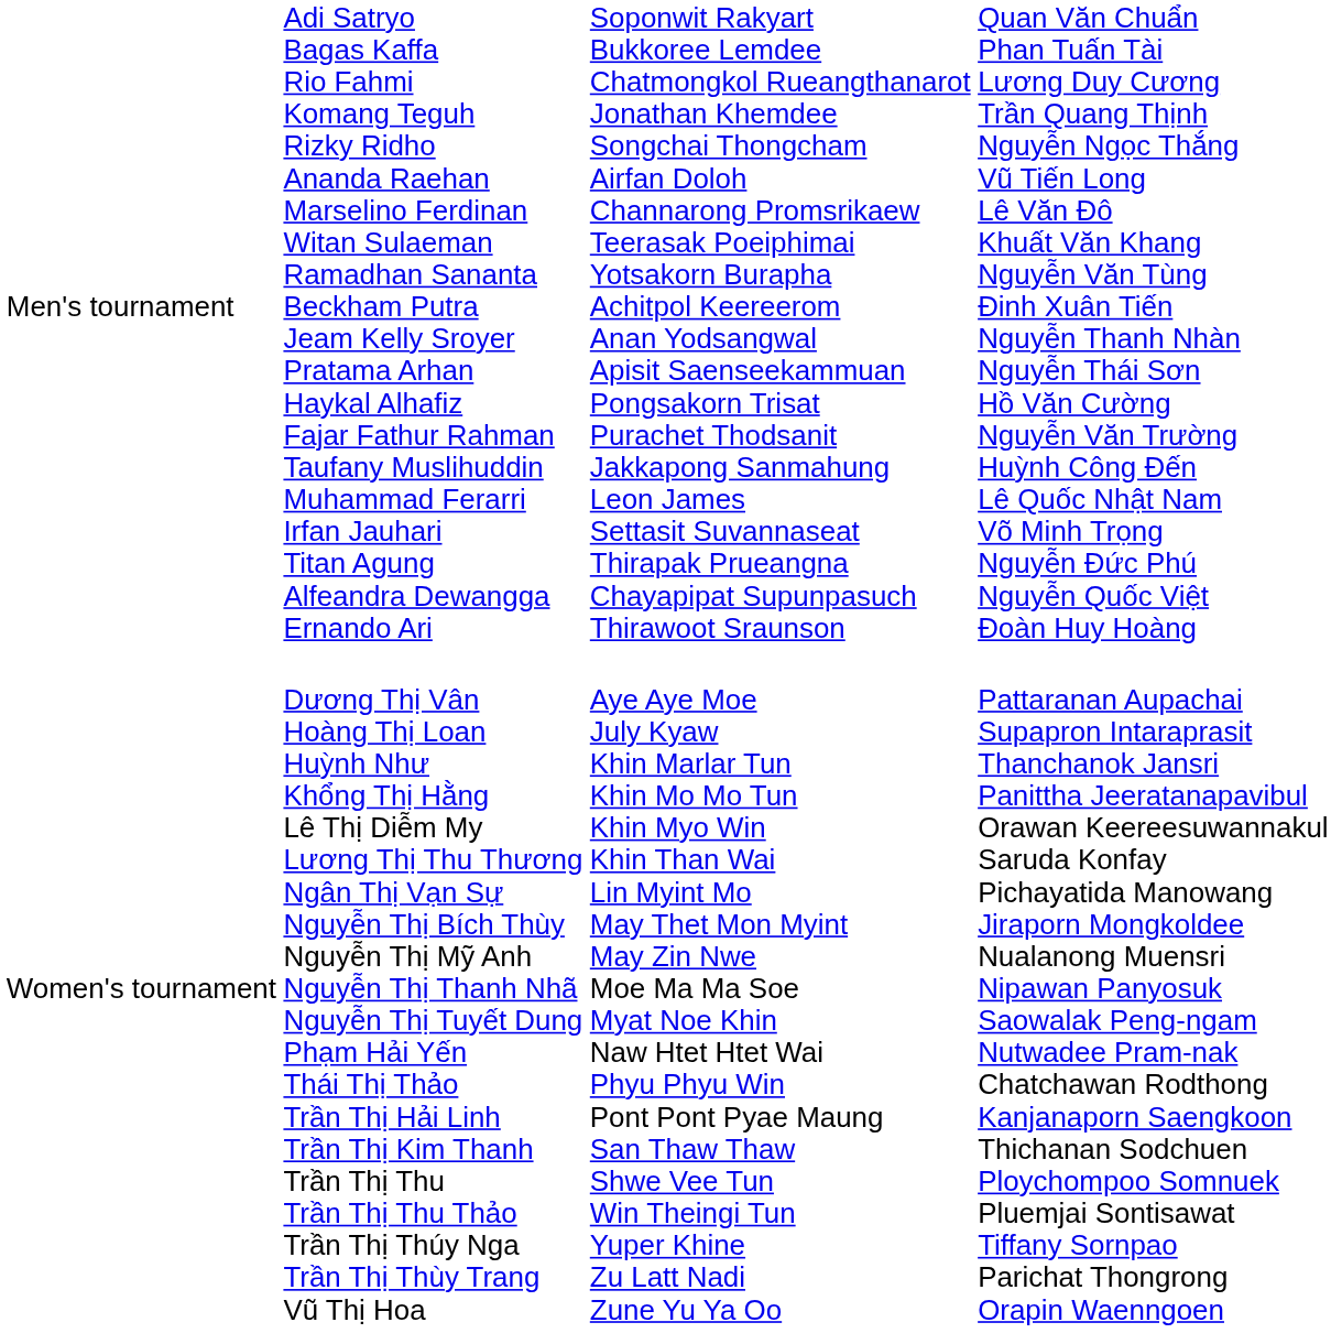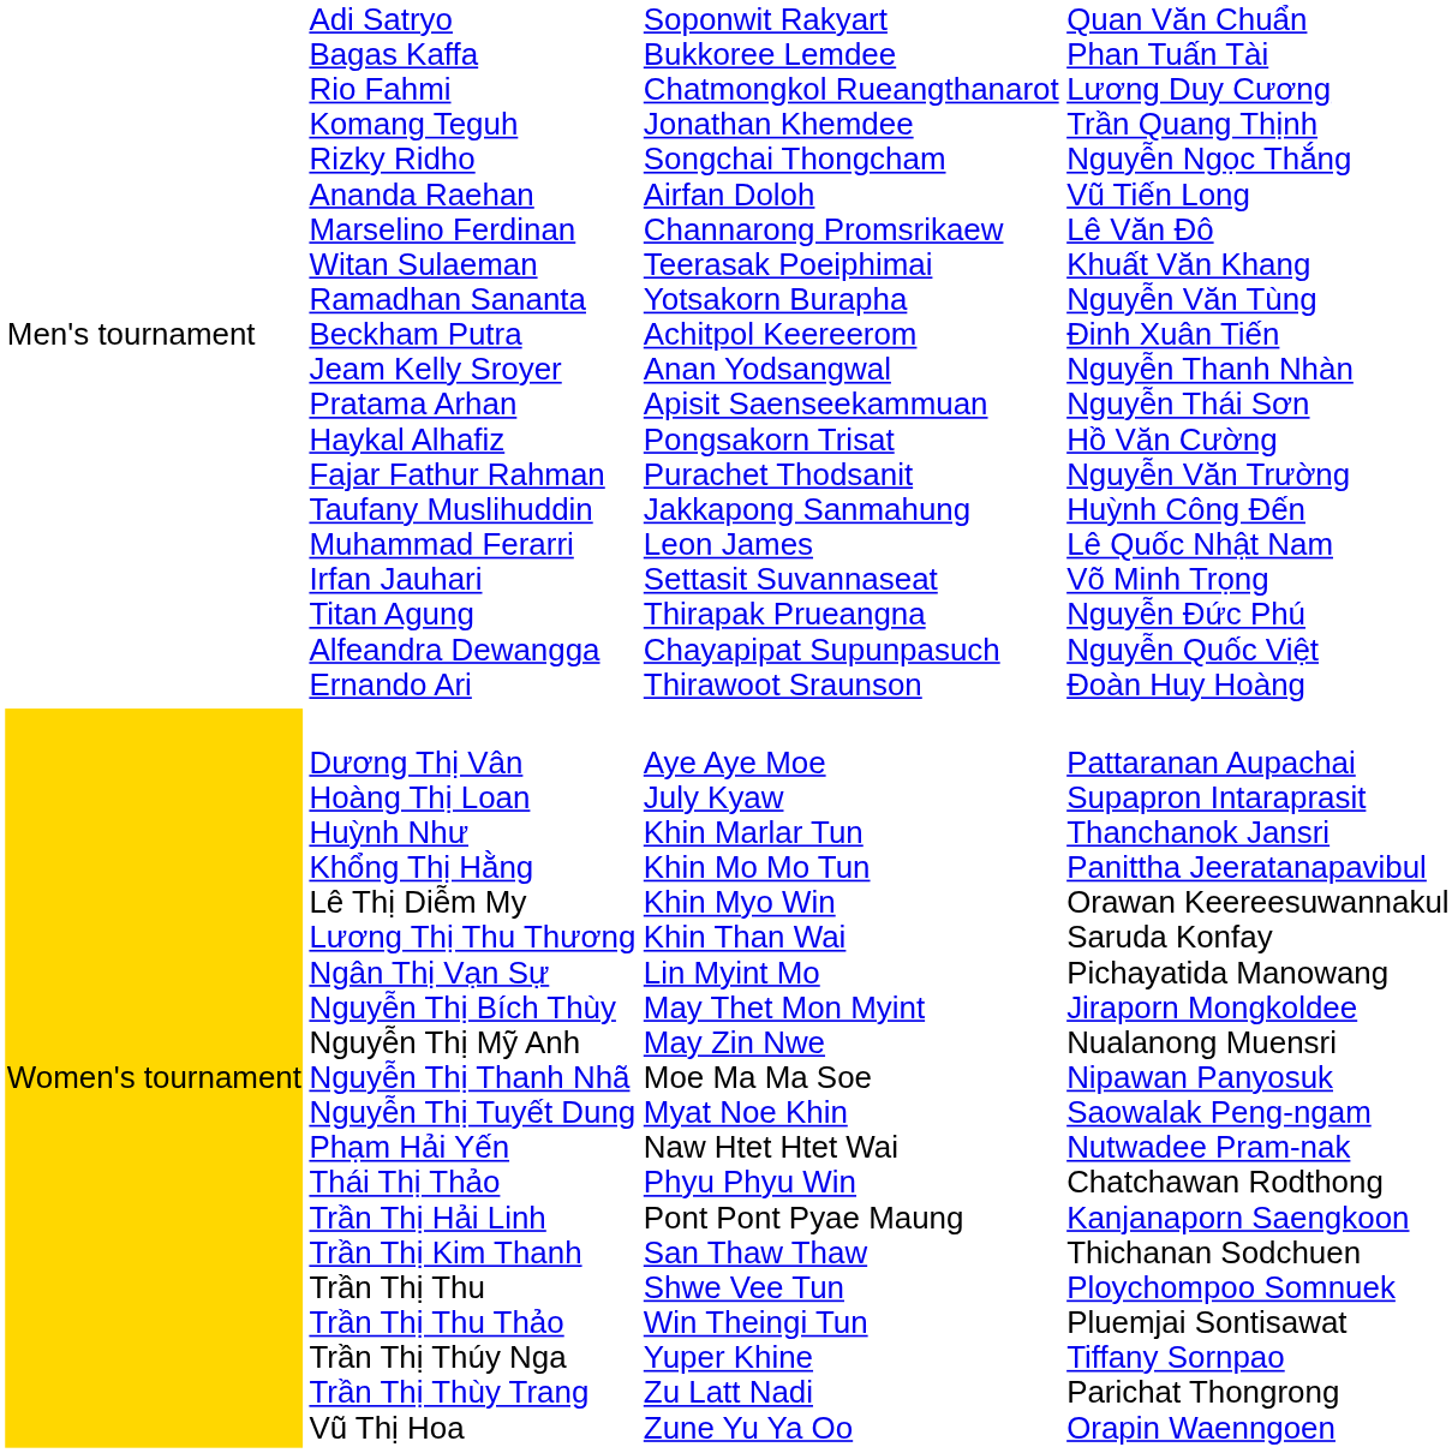 <table>
 <tr>
 <td>Men's tournament<br></td>
 <td><br><a href='#'>Adi Satryo</a><br><a href='#'>Bagas Kaffa</a><br><a href='#'>Rio Fahmi</a><br><a href='#'>Komang Teguh</a><br><a href='#'>Rizky Ridho</a><br><a href='#'>Ananda Raehan</a><br><a href='#'>Marselino Ferdinan</a><br><a href='#'>Witan Sulaeman</a><br><a href='#'>Ramadhan Sananta</a><br><a href='#'>Beckham Putra</a><br><a href='#'>Jeam Kelly Sroyer</a><br><a href='#'>Pratama Arhan</a><br><a href='#'>Haykal Alhafiz</a><br><a href='#'>Fajar Fathur Rahman</a><br><a href='#'>Taufany Muslihuddin</a><br><a href='#'>Muhammad Ferarri</a><br><a href='#'>Irfan Jauhari</a><br><a href='#'>Titan Agung</a><br><a href='#'>Alfeandra Dewangga</a><br><a href='#'>Ernando Ari</a></td>
 <td><br><a href='#'>Soponwit Rakyart</a><br><a href='#'>Bukkoree Lemdee</a><br><a href='#'>Chatmongkol Rueangthanarot</a><br><a href='#'>Jonathan Khemdee</a><br><a href='#'>Songchai Thongcham</a><br><a href='#'>Airfan Doloh</a><br><a href='#'>Channarong Promsrikaew</a><br><a href='#'>Teerasak Poeiphimai</a><br><a href='#'>Yotsakorn Burapha</a><br><a href='#'>Achitpol Keereerom</a><br><a href='#'>Anan Yodsangwal</a><br><a href='#'>Apisit Saenseekammuan</a><br><a href='#'>Pongsakorn Trisat</a><br><a href='#'>Purachet Thodsanit</a><br><a href='#'>Jakkapong Sanmahung</a><br><a href='#'>Leon James</a><br><a href='#'>Settasit Suvannaseat</a><br><a href='#'>Thirapak Prueangna</a><br><a href='#'>Chayapipat Supunpasuch</a><br><a href='#'>Thirawoot Sraunson</a></td>
 <td><br><a href='#'>Quan Văn Chuẩn</a><br><a href='#'>Phan Tuấn Tài</a><br><a href='#'>Lương Duy Cương</a><br><a href='#'>Trần Quang Thịnh</a><br><a href='#'>Nguyễn Ngọc Thắng</a><br><a href='#'>Vũ Tiến Long</a><br><a href='#'>Lê Văn Đô</a><br><a href='#'>Khuất Văn Khang</a><br><a href='#'>Nguyễn Văn Tùng</a><br><a href='#'>Đinh Xuân Tiến</a><br><a href='#'>Nguyễn Thanh Nhàn</a><br><a href='#'>Nguyễn Thái Sơn</a><br><a href='#'>Hồ Văn Cường</a><br><a href='#'>Nguyễn Văn Trường</a><br><a href='#'>Huỳnh Công Đến</a><br><a href='#'>Lê Quốc Nhật Nam</a><br><a href='#'>Võ Minh Trọng</a><br><a href='#'>Nguyễn Đức Phú</a><br><a href='#'>Nguyễn Quốc Việt</a><br><a href='#'>Đoàn Huy Hoàng</a></td>
 </tr>
 <tr>
-<td>Women's tournament<br></td>
+<td style="background: gold;">Women's tournament<br></td>
 <td><br><a href='#'>Dương Thị Vân</a><br><a href='#'>Hoàng Thị Loan</a><br><a href='#'>Huỳnh Như</a><br><a href='#'>Khổng Thị Hằng</a><br>Lê Thị Diễm My<br><a href='#'>Lương Thị Thu Thương</a><br><a href='#'>Ngân Thị Vạn Sự</a><br><a href='#'>Nguyễn Thị Bích Thùy</a><br>Nguyễn Thị Mỹ Anh<br><a href='#'>Nguyễn Thị Thanh Nhã</a><br><a href='#'>Nguyễn Thị Tuyết Dung</a><br><a href='#'>Phạm Hải Yến</a><br><a href='#'>Thái Thị Thảo</a><br><a href='#'>Trần Thị Hải Linh</a><br><a href='#'>Trần Thị Kim Thanh</a><br>Trần Thị Thu<br><a href='#'>Trần Thị Thu Thảo</a><br>Trần Thị Thúy Nga<br><a href='#'>Trần Thị Thùy Trang</a><br>Vũ Thị Hoa</td>
 <td><br><a href='#'>Aye Aye Moe</a><br><a href='#'>July Kyaw</a><br><a href='#'>Khin Marlar Tun</a><br><a href='#'>Khin Mo Mo Tun</a><br><a href='#'>Khin Myo Win</a><br><a href='#'>Khin Than Wai</a><br><a href='#'>Lin Myint Mo</a><br><a href='#'>May Thet Mon Myint</a><br><a href='#'>May Zin Nwe</a><br>Moe Ma Ma Soe<br><a href='#'>Myat Noe Khin</a><br>Naw Htet Htet Wai<br><a href='#'>Phyu Phyu Win</a><br>Pont Pont Pyae Maung<br><a href='#'>San Thaw Thaw</a><br><a href='#'>Shwe Vee Tun</a><br><a href='#'>Win Theingi Tun</a><br><a href='#'>Yuper Khine</a><br><a href='#'>Zu Latt Nadi</a><br><a href='#'>Zune Yu Ya Oo</a></td>
 <td><br><a href='#'>Pattaranan Aupachai</a><br><a href='#'>Supapron Intaraprasit</a><br><a href='#'>Thanchanok Jansri</a><br><a href='#'>Panittha Jeeratanapavibul</a><br>Orawan Keereesuwannakul<br>Saruda Konfay<br>Pichayatida Manowang<br><a href='#'>Jiraporn Mongkoldee</a><br>Nualanong Muensri<br><a href='#'>Nipawan Panyosuk</a><br><a href='#'>Saowalak Peng-ngam</a><br><a href='#'>Nutwadee Pram-nak</a><br>Chatchawan Rodthong<br><a href='#'>Kanjanaporn Saengkoon</a><br>Thichanan Sodchuen<br><a href='#'>Ploychompoo Somnuek</a><br>Pluemjai Sontisawat<br><a href='#'>Tiffany Sornpao</a><br>Parichat Thongrong<br><a href='#'>Orapin Waenngoen</a></td>
 </tr>
 </table>
